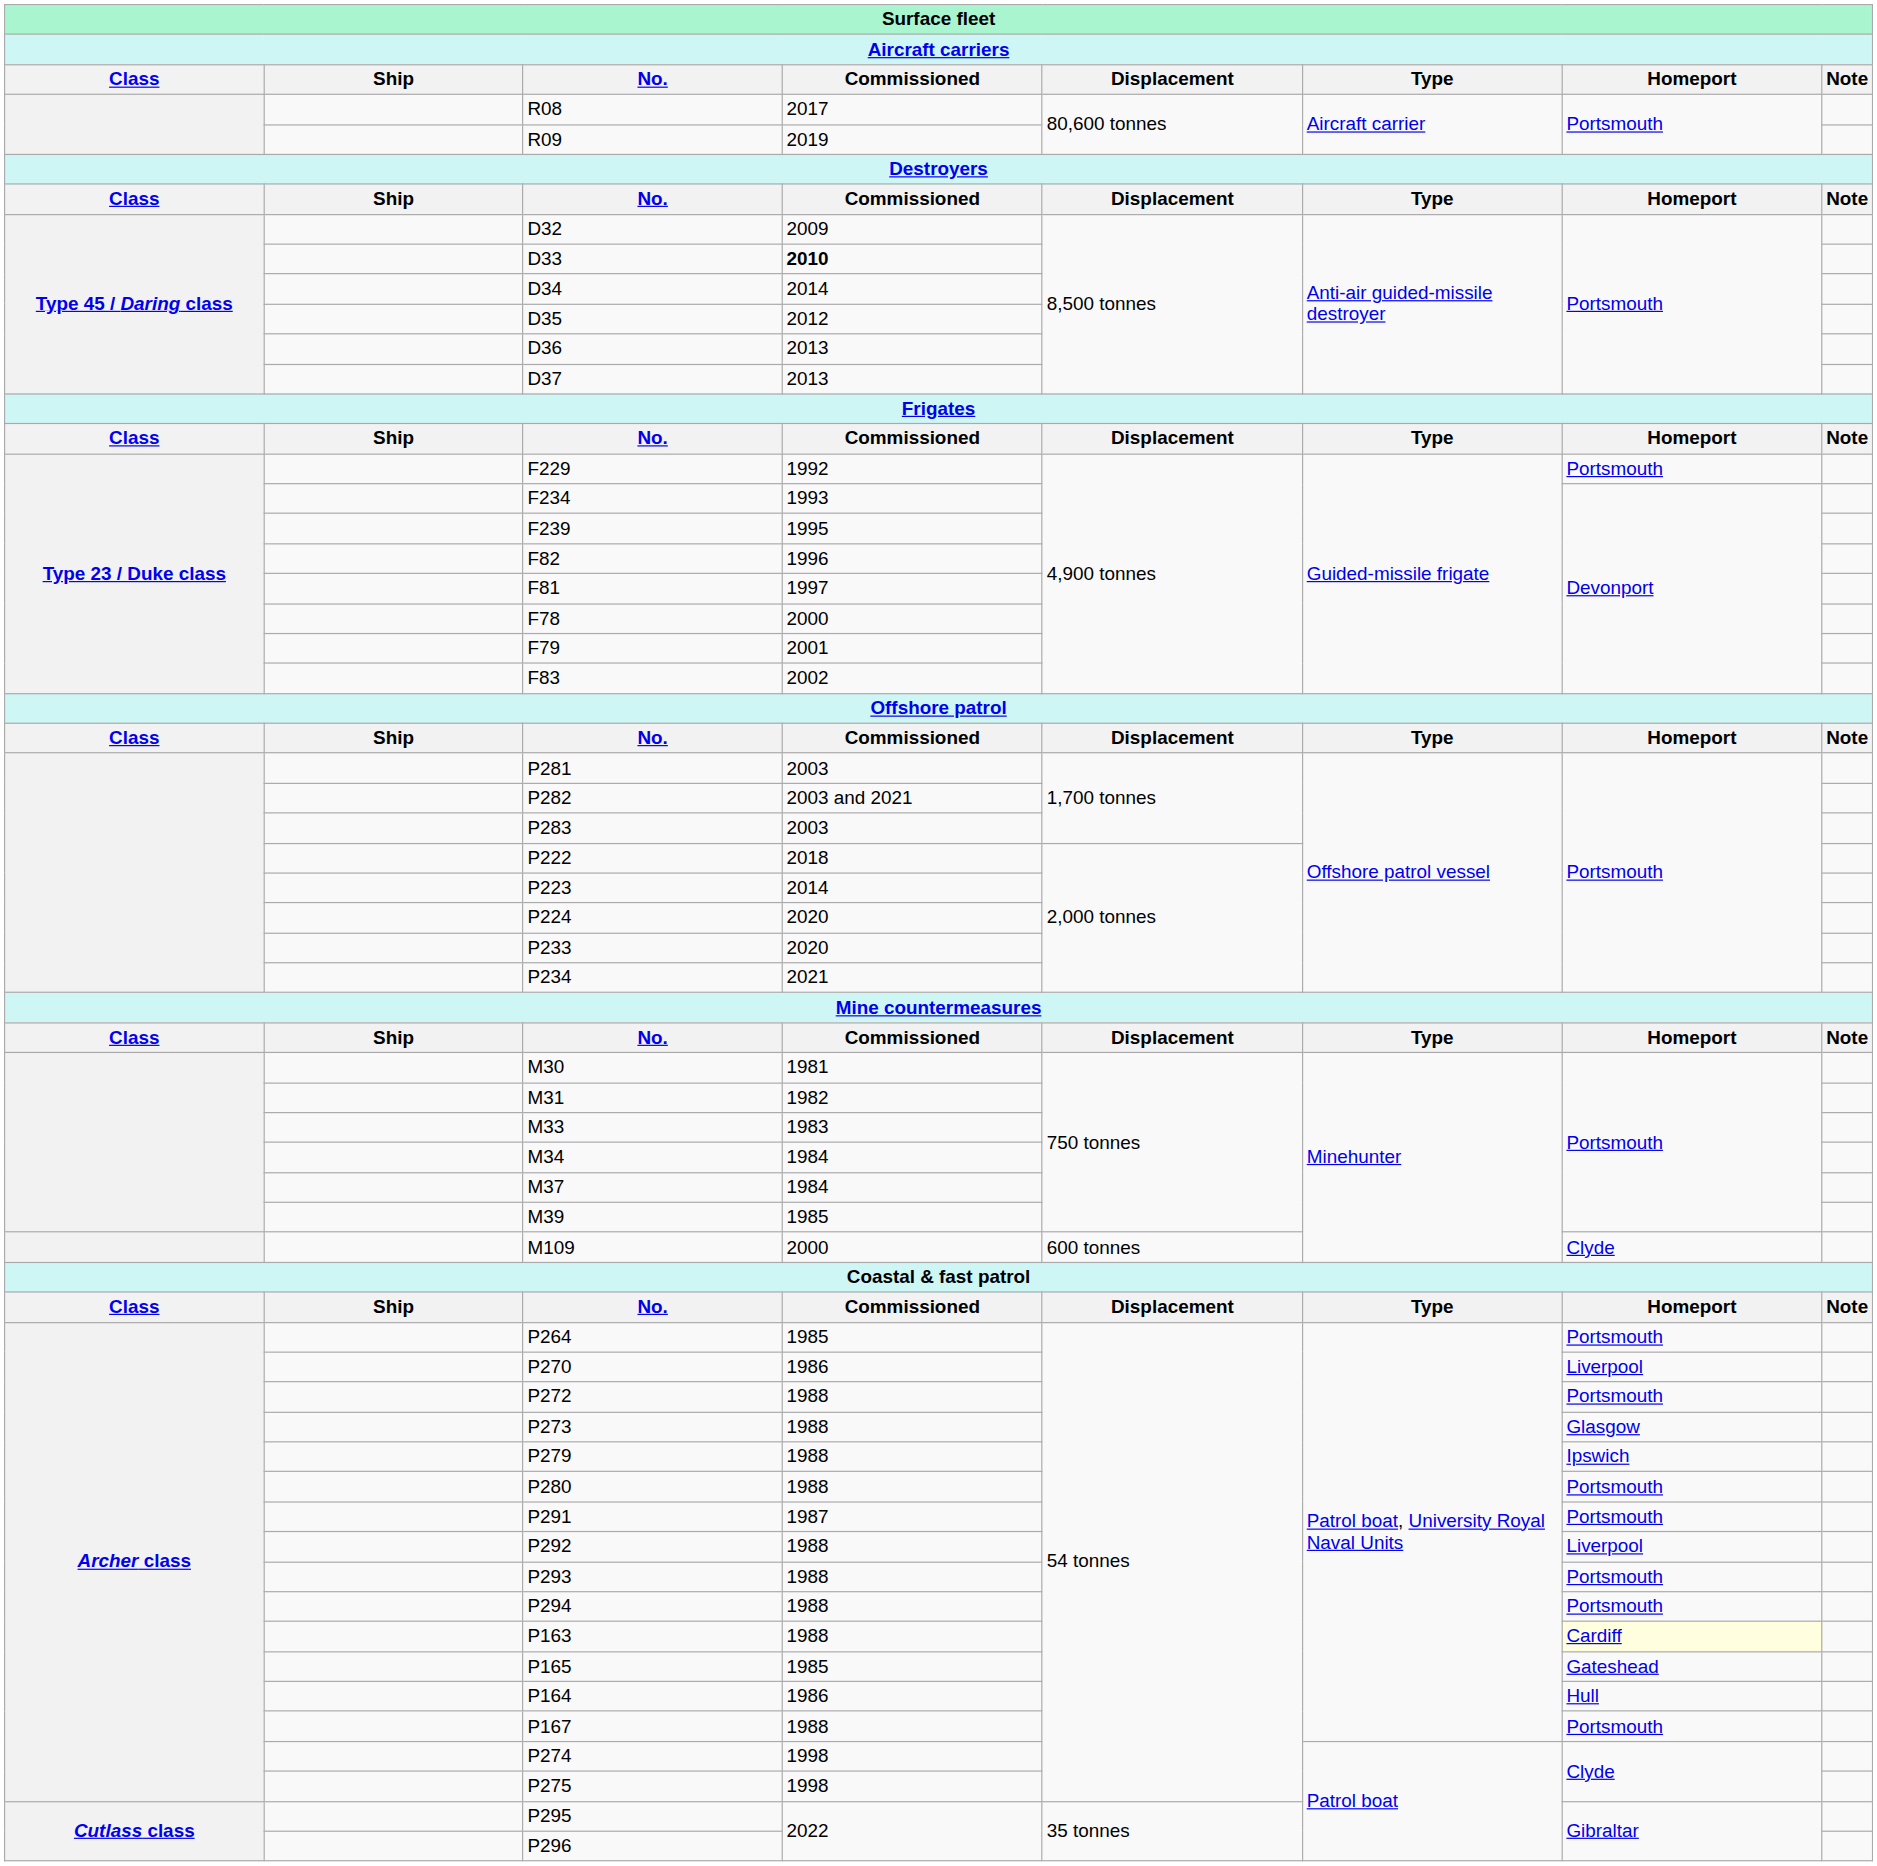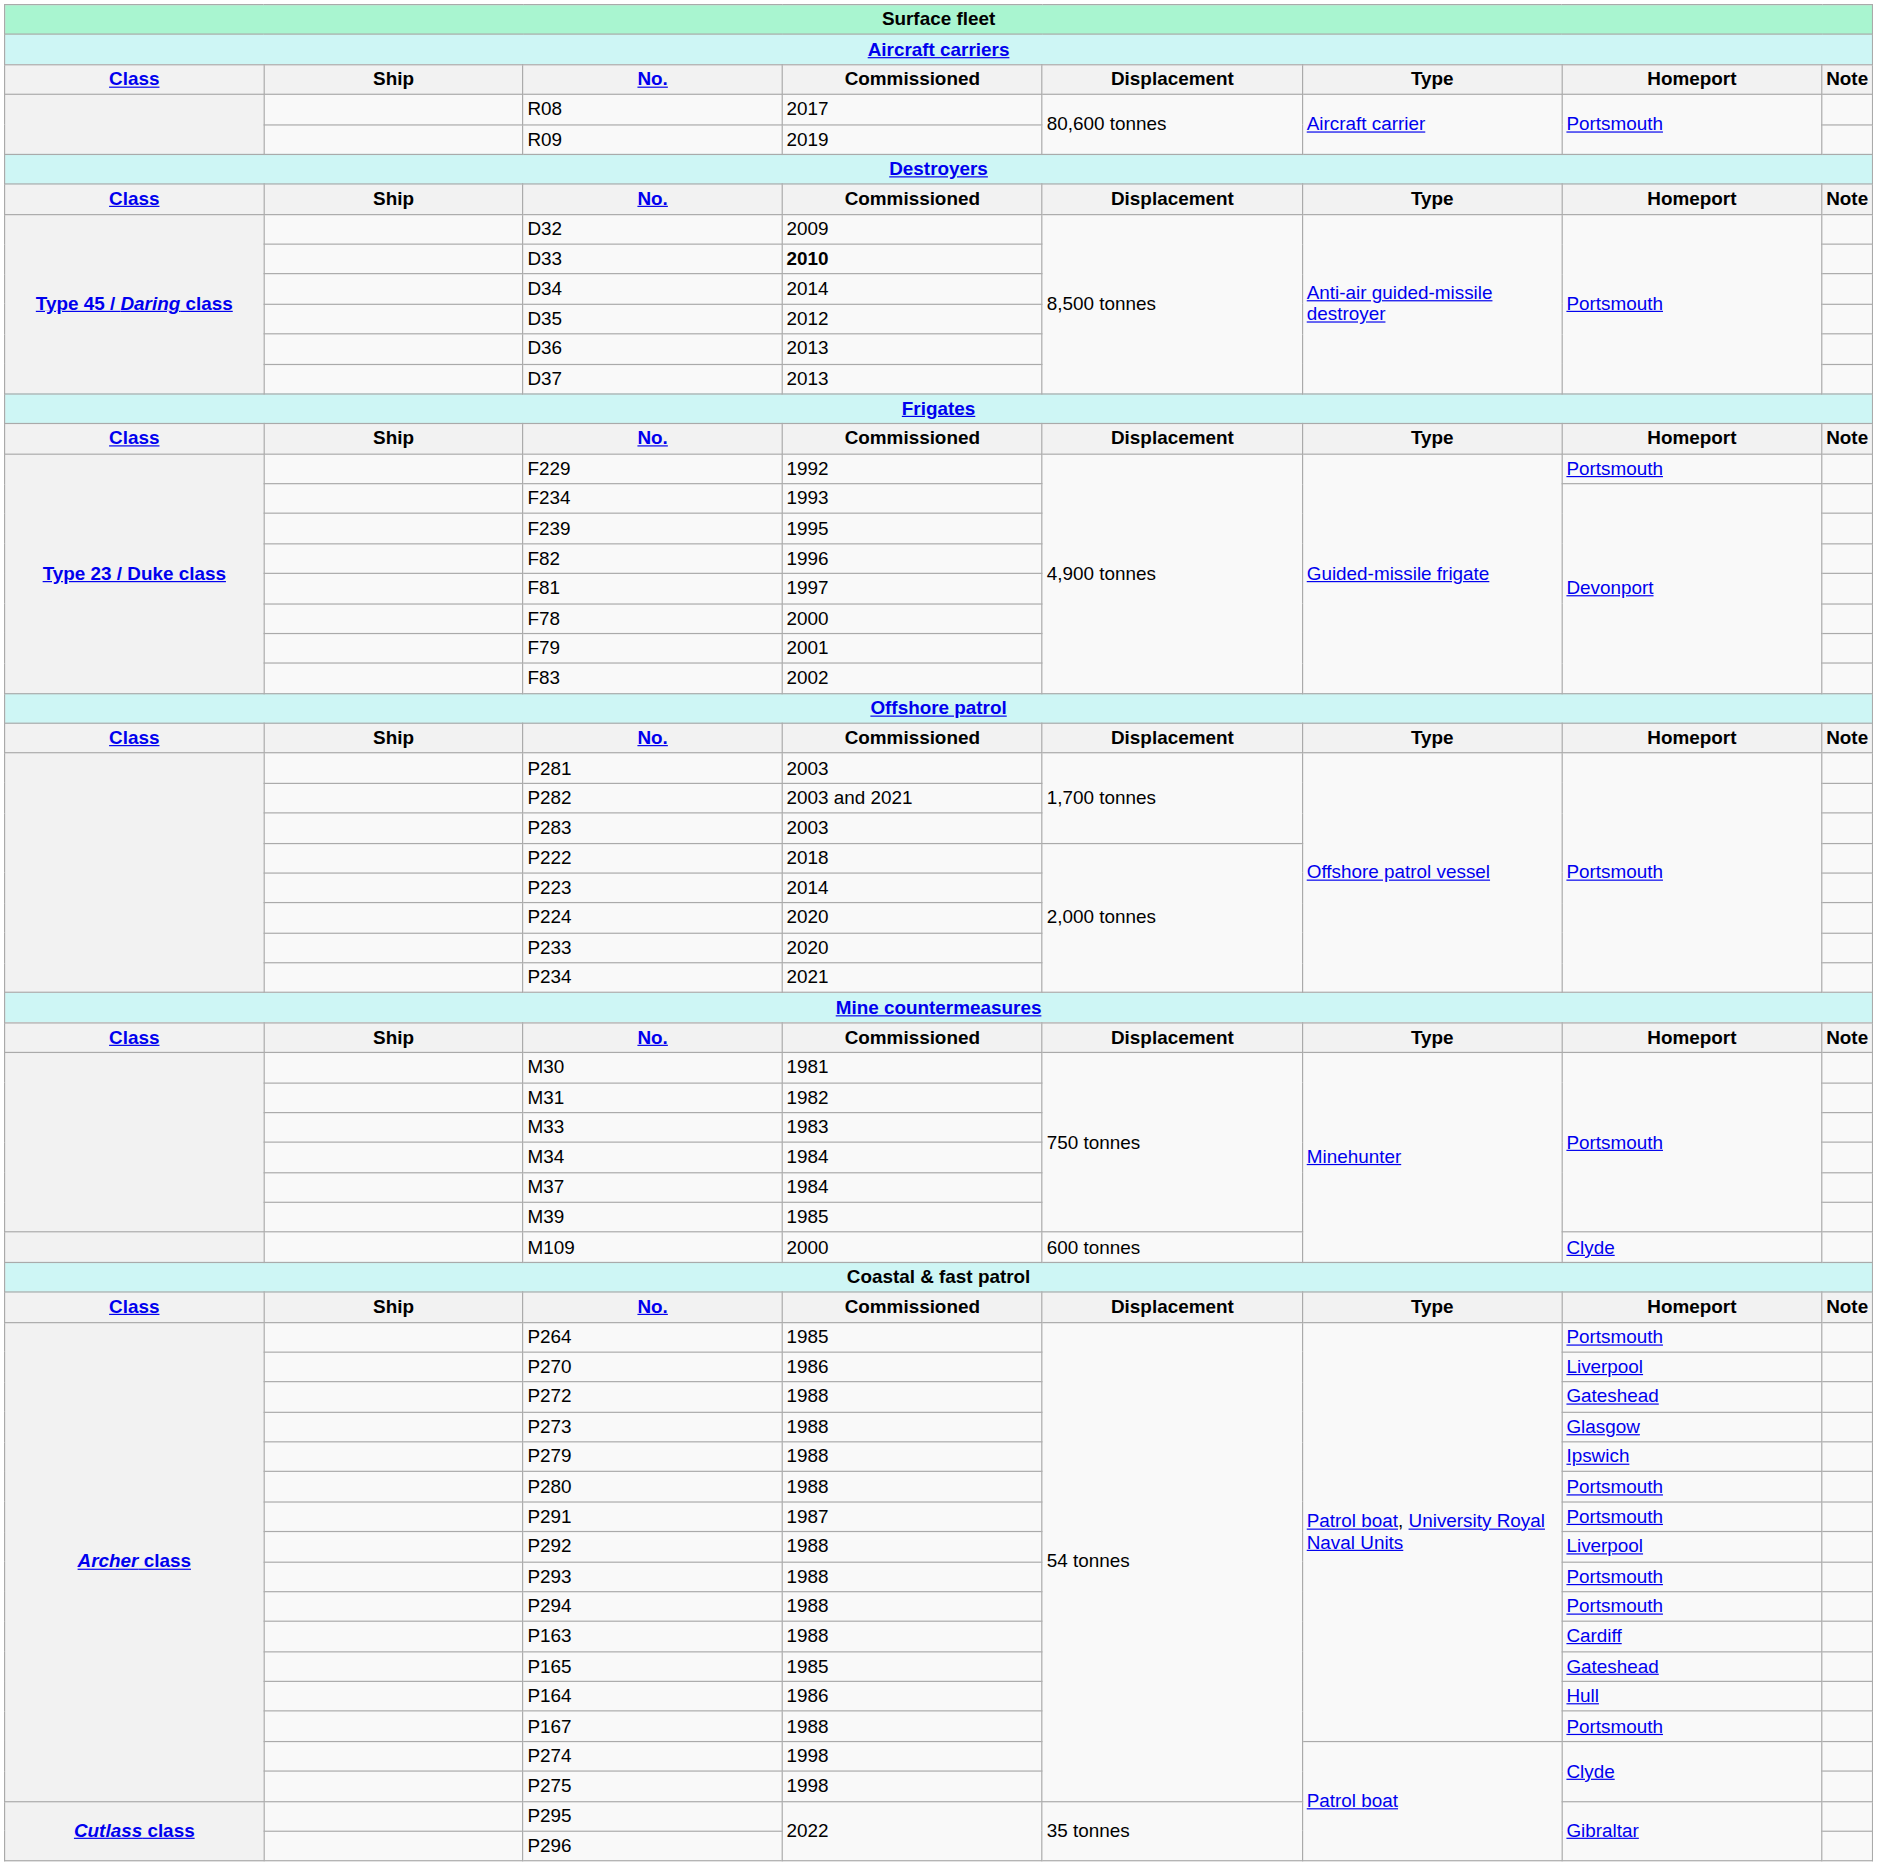 <table class="wikitable" style="margin:auto; width:100%;">
 <tr>
 <th style="align: center; background: #A9F5D0;" colspan="8">Surface fleet</th>
 </tr>
 <tr>
 <th style="align: center; background: #CEF6F5;" colspan="8"><a href='#'>Aircraft carriers</a></th>
 </tr>
 <tr>
 <th style="text-align:center; width:14%;"><a href='#'>Class</a></th>
 <th style="text-align:center; width:14%;">Ship</th>
 <th style="text-align:center; width:14%;"><a href='#'>No.</a></th>
 <th style="text-align:center; width:14%;">Commissioned</th>
 <th style="text-align:center; width:14%;">Displacement</th>
 <th style="text-align:center; width:14%;">Type</th>
 <th style="text-align:center; width:14%;">Homeport</th>
 <th style="text-align:center; width:2%;">Note</th>
 </tr>
 <tr>
 <th rowspan="2"></th>
 <td></td>
 <td>R08</td>
 <td>2017</td>
 <td rowspan="2">80,600 tonnes</td>
 <td rowspan="2"><a href='#'>Aircraft carrier</a></td>
 <td rowspan="2"><a href='#'>Portsmouth</a></td>
 <td></td>
 </tr>
 <tr>
 <td></td>
 <td>R09</td>
 <td>2019</td>
 <td></td>
 </tr>
 <tr>
 <th style="align: center; background: #CEF6F5;" colspan="8"><a href='#'>Destroyers</a></th>
 </tr>
 <tr>
 <th style="text-align:center; width:14%;"><a href='#'>Class</a></th>
 <th style="text-align:center; width:14%;">Ship</th>
 <th style="text-align:center; width:14%;"><a href='#'>No.</a></th>
 <th style="text-align:center; width:14%;">Commissioned</th>
 <th style="text-align:center; width:14%;">Displacement</th>
 <th style="text-align:center; width:14%;">Type</th>
 <th style="text-align:center; width:14%;">Homeport</th>
 <th style="text-align:center; width:2%;">Note</th>
 </tr>
 <tr>
 <th rowspan="6"><a href='#'>Type 45 / <em>Daring</em> class</a></th>
 <td></td>
 <td>D32</td>
 <td>2009</td>
 <td rowspan="6">8,500 tonnes</td>
 <td rowspan="6"><a href='#'>Anti-air guided-missile destroyer</a></td>
 <td rowspan="6"><a href='#'>Portsmouth</a></td>
 <td></td>
 </tr>
 <tr>
 <td></td>
 <td>D33</td>
 <td><strong>2010</strong></td>
 <td></td>
 </tr>
 <tr>
 <td></td>
 <td>D34</td>
 <td>2014</td>
 <td></td>
 </tr>
 <tr>
 <td></td>
 <td>D35</td>
 <td>2012</td>
 <td></td>
 </tr>
 <tr>
 <td></td>
 <td>D36</td>
 <td>2013</td>
 <td></td>
 </tr>
 <tr>
 <td></td>
 <td>D37</td>
 <td>2013</td>
 <td></td>
 </tr>
 <tr>
 <th style="align: center; background: #CEF6F5;" colspan="8"><a href='#'>Frigates</a></th>
 </tr>
 <tr>
 <th style="text-align:center; width:14%;"><a href='#'>Class</a></th>
 <th style="text-align:center; width:14%;">Ship</th>
 <th style="text-align:center; width:14%;"><a href='#'>No.</a></th>
 <th style="text-align:center; width:14%;">Commissioned</th>
 <th style="text-align:center; width:14%;">Displacement</th>
 <th style="text-align:center; width:14%;">Type</th>
 <th style="text-align:center; width:14%;">Homeport</th>
 <th style="text-align:center; width:2%;">Note</th>
 </tr>
 <tr>
 <th rowspan="8"><a href='#'>Type 23 / Duke class</a></th>
 <td></td>
 <td>F229</td>
 <td>1992</td>
 <td rowspan="8">4,900 tonnes</td>
 <td rowspan="8"><a href='#'>Guided-missile frigate</a></td>
 <td rowspan="1"><a href='#'>Portsmouth</a></td>
 <td></td>
 </tr>
 <tr>
 <td></td>
 <td>F234</td>
 <td>1993</td>
 <td rowspan="7"><a href='#'>Devonport</a></td>
 <td></td>
 </tr>
 <tr>
 <td></td>
 <td>F239</td>
 <td>1995</td>
 <td></td>
 </tr>
 <tr>
 <td></td>
 <td>F82</td>
 <td>1996</td>
 <td></td>
 </tr>
 <tr>
 <td></td>
 <td>F81</td>
 <td>1997</td>
 <td></td>
 </tr>
 <tr>
 <td></td>
 <td>F78</td>
 <td>2000</td>
 <td></td>
 </tr>
 <tr>
 <td></td>
 <td>F79</td>
 <td>2001</td>
 <td></td>
 </tr>
 <tr>
 <td></td>
 <td>F83</td>
 <td>2002</td>
 <td></td>
 </tr>
 <tr>
 <th style="align: center; background: #CEF6F5;" colspan="8"><a href='#'>Offshore patrol</a></th>
 </tr>
 <tr>
 <th style="text-align:center; width:14%;"><a href='#'>Class</a></th>
 <th style="text-align:center; width:14%;">Ship</th>
 <th style="text-align:center; width:14%;"><a href='#'>No.</a></th>
 <th style="text-align:center; width:14%;">Commissioned</th>
 <th style="text-align:center; width:14%;">Displacement</th>
 <th style="text-align:center; width:14%;">Type</th>
 <th style="text-align:center; width:14%;">Homeport</th>
 <th style="text-align:center; width:2%;">Note</th>
 </tr>
 <tr>
 <th rowspan="8"></th>
 <td></td>
 <td>P281</td>
 <td>2003</td>
 <td rowspan="3">1,700 tonnes</td>
 <td rowspan="8"><a href='#'>Offshore patrol vessel</a></td>
 <td rowspan="8"><a href='#'>Portsmouth</a></td>
 <td></td>
 </tr>
 <tr>
 <td></td>
 <td>P282</td>
 <td>2003 and 2021</td>
 <td></td>
 </tr>
 <tr>
 <td></td>
 <td>P283</td>
 <td>2003</td>
 <td></td>
 </tr>
 <tr>
 <td></td>
 <td>P222</td>
 <td>2018</td>
 <td rowspan="5">2,000 tonnes</td>
 <td></td>
 </tr>
 <tr>
 <td></td>
 <td>P223</td>
 <td>2014</td>
 <td></td>
 </tr>
 <tr>
 <td></td>
 <td>P224</td>
 <td>2020</td>
 <td></td>
 </tr>
 <tr>
 <td></td>
 <td>P233</td>
 <td>2020</td>
 <td></td>
 </tr>
 <tr>
 <td></td>
 <td>P234</td>
 <td>2021</td>
 <td></td>
 </tr>
 <tr>
 <th style="align: center; background: #CEF6F5;" colspan="8"><a href='#'>Mine countermeasures</a></th>
 </tr>
 <tr>
 <th style="text-align:center; width:14%;"><a href='#'>Class</a></th>
 <th style="text-align:center; width:14%;">Ship</th>
 <th style="text-align:center; width:14%;"><a href='#'>No.</a></th>
 <th style="text-align:center; width:14%;">Commissioned</th>
 <th style="text-align:center; width:14%;">Displacement</th>
 <th style="text-align:center; width:14%;">Type</th>
 <th style="text-align:center; width:14%;">Homeport</th>
 <th style="text-align:center; width:2%;">Note</th>
 </tr>
 <tr>
 <th rowspan="6"></th>
 <td></td>
 <td>M30</td>
 <td>1981</td>
 <td rowspan="6">750 tonnes</td>
 <td rowspan="7"><a href='#'>Minehunter</a></td>
 <td rowspan="6"><a href='#'>Portsmouth</a></td>
 <td></td>
 </tr>
 <tr>
 <td></td>
 <td>M31</td>
 <td>1982</td>
 <td></td>
 </tr>
 <tr>
 <td></td>
 <td>M33</td>
 <td>1983</td>
 <td></td>
 </tr>
 <tr>
 <td></td>
 <td>M34</td>
 <td>1984</td>
 <td></td>
 </tr>
 <tr>
 <td></td>
 <td>M37</td>
 <td>1984</td>
 <td></td>
 </tr>
 <tr>
 <td></td>
 <td>M39</td>
 <td>1985</td>
 <td></td>
 </tr>
 <tr>
 <th rowspan="1"></th>
 <td></td>
 <td>M109</td>
 <td>2000</td>
 <td>600 tonnes</td>
 <td><a href='#'>Clyde</a></td>
 <td></td>
 </tr>
 <tr>
 <th style="align: center; background: #CEF6F5;" colspan="8">Coastal & fast patrol</th>
 </tr>
 <tr>
 <th style="text-align:center; width:14%;"><a href='#'>Class</a></th>
 <th style="text-align:center; width:14%;">Ship</th>
 <th style="text-align:center; width:14%;"><a href='#'>No.</a></th>
 <th style="text-align:center; width:14%;">Commissioned</th>
 <th style="text-align:center; width:14%;">Displacement</th>
 <th style="text-align:center; width:14%;">Type</th>
 <th style="text-align:center; width:14%;">Homeport</th>
 <th style="text-align:center; width:2%;">Note</th>
 </tr>
 <tr>
 <th rowspan="16"><a href='#'><em>Archer</em> class</a></th>
 <td></td>
 <td>P264</td>
 <td>1985</td>
 <td rowspan="16">54 tonnes</td>
 <td rowspan="14"><a href='#'>Patrol boat</a>, <a href='#'>University Royal Naval Units</a></td>
 <td rowspan="1"><a href='#'>Portsmouth</a></td>
 <td></td>
 </tr>
 <tr>
 <td></td>
 <td>P270</td>
 <td>1986</td>
 <td><a href='#'>Liverpool</a></td>
 <td></td>
 </tr>
 <tr>
 <td></td>
 <td>P272</td>
 <td>1988</td>
-<td><a href='#'>Portsmouth</a></td>
+<td><a href='#'>Gateshead</a></td>
 <td></td>
 </tr>
 <tr>
 <td></td>
 <td>P273</td>
 <td>1988</td>
 <td><a href='#'>Glasgow</a></td>
 <td></td>
 </tr>
 <tr>
 <td></td>
 <td>P279</td>
 <td>1988</td>
 <td><a href='#'>Ipswich</a></td>
 <td></td>
 </tr>
 <tr>
 <td></td>
 <td>P280</td>
 <td>1988</td>
 <td><a href='#'>Portsmouth</a></td>
 <td></td>
 </tr>
 <tr>
 <td></td>
 <td>P291</td>
 <td>1987</td>
 <td><a href='#'>Portsmouth</a></td>
 <td></td>
 </tr>
 <tr>
 <td></td>
 <td>P292</td>
 <td>1988</td>
 <td><a href='#'>Liverpool</a></td>
 <td></td>
 </tr>
 <tr>
 <td></td>
 <td>P293</td>
 <td>1988</td>
 <td><a href='#'>Portsmouth</a></td>
 <td></td>
 </tr>
 <tr>
 <td></td>
 <td>P294</td>
 <td>1988</td>
 <td><a href='#'>Portsmouth</a></td>
 <td></td>
 </tr>
 <tr>
 <td></td>
 <td>P163</td>
 <td>1988</td>
-<td style="background: lightyellow;"><a href='#'>Cardiff</a></td>
+<td><a href='#'>Cardiff</a></td>
 <td></td>
 </tr>
 <tr>
 <td></td>
 <td>P165</td>
 <td>1985</td>
 <td><a href='#'>Gateshead</a></td>
 <td></td>
 </tr>
 <tr>
 <td></td>
 <td>P164</td>
 <td>1986</td>
 <td><a href='#'>Hull</a></td>
 <td></td>
 </tr>
 <tr>
 <td></td>
 <td>P167</td>
 <td>1988</td>
 <td><a href='#'>Portsmouth</a></td>
 <td></td>
 </tr>
 <tr>
 <td></td>
 <td>P274</td>
 <td>1998</td>
 <td rowspan="4"><a href='#'>Patrol boat</a></td>
 <td rowspan="2"><a href='#'>Clyde</a></td>
 <td></td>
 </tr>
 <tr>
 <td></td>
 <td>P275</td>
 <td>1998</td>
 <td></td>
 </tr>
 <tr>
 <th rowspan="2"><a href='#'><em>Cutlass</em> class</a></th>
 <td></td>
 <td>P295</td>
 <td rowspan="2">2022</td>
 <td rowspan="2">35 tonnes</td>
 <td rowspan="2"><a href='#'>Gibraltar</a></td>
 <td></td>
 </tr>
 <tr>
 <td></td>
 <td>P296</td>
 <td></td>
 </tr>
 </table>
